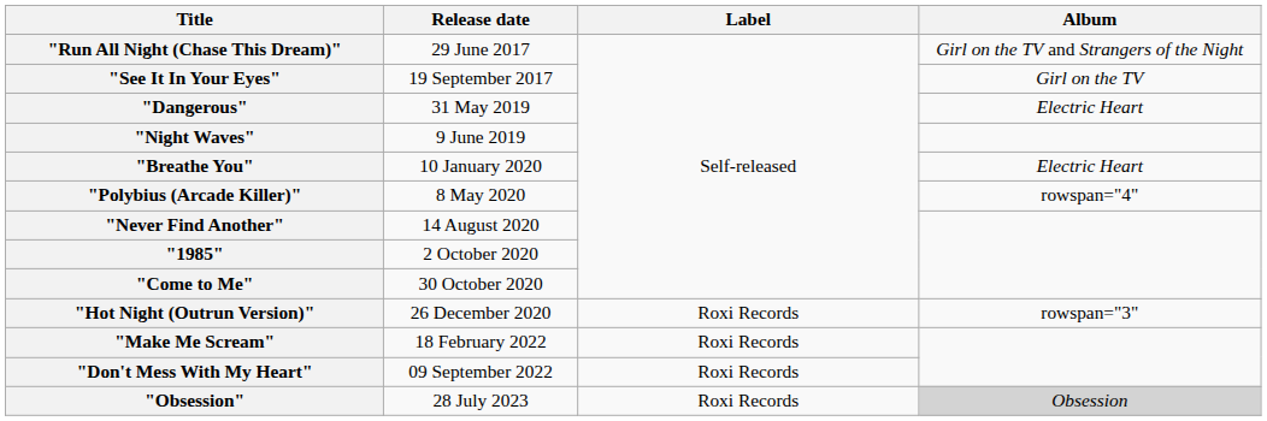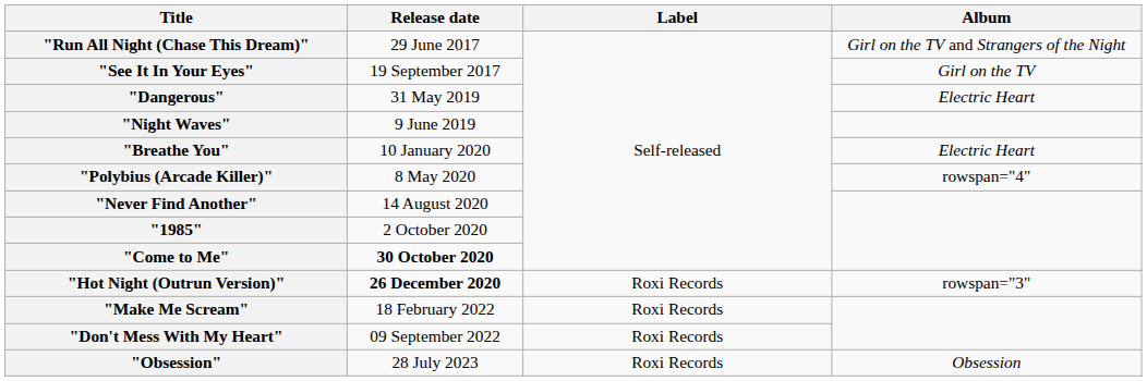 <table class="wikitable plainrowheaders sortable" style="text-align:center;">
 <tr>
 <th style="width:20em;">Title</th>
 <th style="width:10em;">Release date</th>
 <th style="width:18em;">Label</th>
 <th style="width:18em;">Album</th>
 </tr>
 <tr>
 <th scope="row">"Run All Night (Chase This Dream)"</th>
 <td>29 June 2017</td>
 <td rowspan="9">Self-released</td>
 <td><em>Girl on the TV</em> and <em>Strangers of the Night</em></td>
 </tr>
 <tr>
 <th scope="row">"See It In Your Eyes"</th>
 <td>19 September 2017</td>
 <td><em>Girl on the TV</em></td>
 </tr>
 <tr>
 <th scope="row">"Dangerous"<br></th>
 <td>31 May 2019</td>
 <td><em>Electric Heart</em></td>
 </tr>
 <tr>
 <th scope="row">"Night Waves"</th>
 <td>9 June 2019</td>
 <td></td>
 </tr>
 <tr>
 <th scope="row">"Breathe You"</th>
 <td>10 January 2020</td>
 <td><em>Electric Heart</em></td>
 </tr>
 <tr>
 <th scope="row">"Polybius (Arcade Killer)"</th>
 <td>8 May 2020</td>
 <td>rowspan="4" </td>
 </tr>
 <tr>
 <th scope="row">"Never Find Another"</th>
 <td>14 August 2020</td>
 </tr>
 <tr>
 <th scope="row">"1985"</th>
 <td>2 October 2020</td>
 </tr>
 <tr>
 <th scope="row">"Come to Me"<br></th>
-<td>30 October 2020</td>
+<td><strong>30 October 2020</strong></td>
 </tr>
 <tr>
 <th scope="row">"Hot Night (Outrun Version)"</th>
-<td>26 December 2020</td>
+<td><strong>26 December 2020</strong></td>
 <td>Roxi Records</td>
 <td>rowspan="3" </td>
 </tr>
 <tr>
 <th scope="row">"Make Me Scream"</th>
 <td>18 February 2022</td>
 <td>Roxi Records</td>
 </tr>
 <tr>
 <th scope="row">"Don't Mess With My Heart"</th>
 <td>09 September 2022</td>
 <td>Roxi Records</td>
 </tr>
 <tr>
 <th scope="row">"Obsession"</th>
 <td>28 July 2023</td>
 <td>Roxi Records</td>
-<td style="background: lightgrey;"><em>Obsession</em></td>
+<td><em>Obsession</em></td>
 </tr>
 </table>
